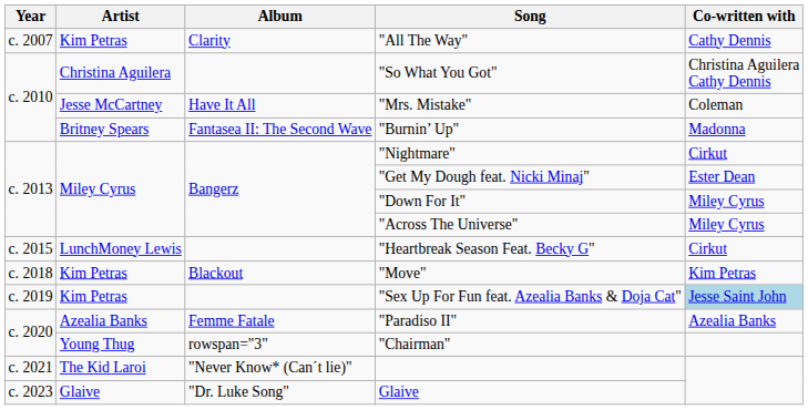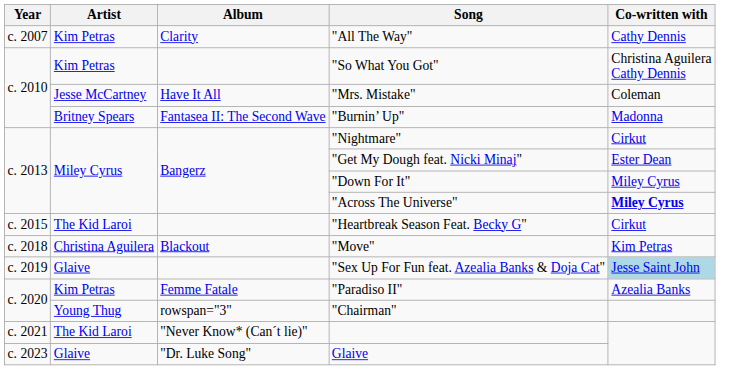 <table class="wikitable">
 <tr>
 <th>Year</th>
 <th>Artist</th>
 <th>Album</th>
 <th>Song</th>
 <th>Co-written with</th>
 </tr>
 <tr>
 <td>c. 2007</td>
 <td><a href='#'>Kim Petras</a></td>
 <td><a href='#'>Clarity</a></td>
 <td>"All The Way"</td>
 <td><a href='#'>Cathy Dennis</a></td>
 </tr>
 <tr>
 <td rowspan="3">c. 2010</td>
-<td><a href='#'>Christina Aguilera</a></td>
+<td><a href='#'>Kim Petras</a></td>
 <td></td>
 <td>"So What You Got"</td>
 <td>Christina Aguilera<br><a href='#'>Cathy Dennis</a></td>
 </tr>
 <tr>
 <td><a href='#'>Jesse McCartney</a></td>
 <td><a href='#'>Have It All</a></td>
 <td>"Mrs. Mistake"</td>
 <td>Coleman</td>
 </tr>
 <tr>
 <td><a href='#'>Britney Spears</a></td>
 <td><a href='#'>Fantasea II: The Second Wave</a></td>
 <td>"Burnin’ Up"</td>
 <td><a href='#'>Madonna</a></td>
 </tr>
 <tr>
 <td rowspan="4">c. 2013</td>
 <td rowspan="4"><a href='#'>Miley Cyrus</a></td>
 <td rowspan="4"><a href='#'>Bangerz</a></td>
 <td>"Nightmare"</td>
 <td><a href='#'>Cirkut</a></td>
 </tr>
 <tr>
 <td>"Get My Dough feat. <a href='#'>Nicki Minaj</a>"</td>
 <td><a href='#'>Ester Dean</a></td>
 </tr>
 <tr>
 <td>"Down For It"</td>
 <td><a href='#'>Miley Cyrus</a></td>
 </tr>
 <tr>
 <td>"Across The Universe"</td>
-<td><a href='#'>Miley Cyrus</a></td>
+<td><strong><a href='#'>Miley Cyrus</a></strong></td>
 </tr>
 <tr>
 <td>c. 2015</td>
-<td><a href='#'>LunchMoney Lewis</a></td>
+<td><a href='#'>The Kid Laroi</a></td>
 <td></td>
 <td>"Heartbreak Season Feat. <a href='#'>Becky G</a>"</td>
 <td><a href='#'>Cirkut</a></td>
 </tr>
 <tr>
 <td>c. 2018</td>
-<td><a href='#'>Kim Petras</a></td>
+<td><a href='#'>Christina Aguilera</a></td>
 <td><a href='#'>Blackout</a></td>
 <td>"Move"</td>
 <td><a href='#'>Kim Petras</a></td>
 </tr>
 <tr>
 <td>c. 2019</td>
-<td><a href='#'>Kim Petras</a></td>
+<td><a href='#'>Glaive</a></td>
 <td></td>
 <td>"Sex Up For Fun feat. <a href='#'>Azealia Banks</a> & <a href='#'>Doja Cat</a>"</td>
 <td style="background: lightblue;"><a href='#'>Jesse Saint John</a></td>
 </tr>
 <tr>
 <td rowspan="2">c. 2020</td>
-<td><a href='#'>Azealia Banks</a></td>
+<td><a href='#'>Kim Petras</a></td>
 <td><a href='#'>Femme Fatale</a></td>
 <td>"Paradiso II"</td>
 <td><a href='#'>Azealia Banks</a></td>
 </tr>
 <tr>
 <td><a href='#'>Young Thug</a></td>
 <td>rowspan="3" </td>
 <td>"Chairman"</td>
 <td></td>
 </tr>
 <tr>
 <td>c. 2021</td>
 <td><a href='#'>The Kid Laroi</a></td>
 <td>"Never Know* (Can´t lie)"</td>
 <td></td>
 </tr>
 <tr>
 <td>c. 2023</td>
 <td><a href='#'>Glaive</a></td>
 <td>"Dr. Luke Song"</td>
 <td><a href='#'>Glaive</a></td>
 </tr>
 </table>
